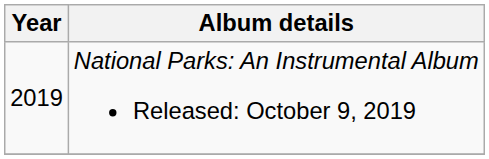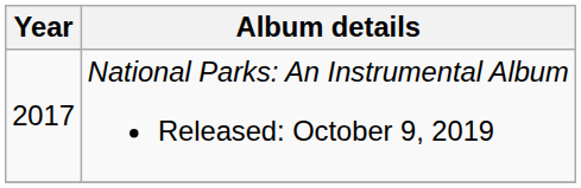 <table class="wikitable">
 <tr>
 <th>Year</th>
 <th>Album details</th>
 </tr>
 <tr>
-<td>2019</td>
+<td>2017</td>
 <td><em>National Parks: An Instrumental Album</em><br><ul><li>Released: October 9, 2019</li></ul></td>
 </tr>
 <tr>
 </tr>
 </table>
